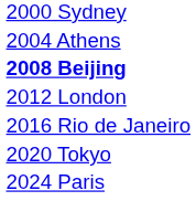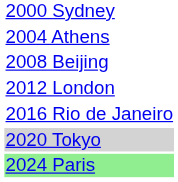 <table>
 <tr>
 <td><a href='#'>2000 Sydney</a><br></td>
 <td></td>
 <td></td>
 <td></td>
 </tr>
 <tr>
 <td><a href='#'>2004 Athens</a><br></td>
 <td></td>
 <td></td>
 <td></td>
 </tr>
 <tr>
-<td><strong><a href='#'>2008 Beijing</a><br></strong></td>
+<td><a href='#'>2008 Beijing</a><br></td>
 <td></td>
 <td></td>
 <td></td>
 </tr>
 <tr>
 <td><a href='#'>2012 London</a><br></td>
 <td></td>
 <td></td>
 <td></td>
 </tr>
 <tr>
 <td><a href='#'>2016 Rio de Janeiro</a><br></td>
 <td></td>
 <td></td>
 <td></td>
 </tr>
 <tr>
-<td><a href='#'>2020 Tokyo</a><br></td>
+<td style="background: lightgrey;"><a href='#'>2020 Tokyo</a><br></td>
 <td></td>
 <td></td>
 <td></td>
 </tr>
 <tr>
-<td><a href='#'>2024 Paris</a><br></td>
+<td style="background: lightgreen;"><a href='#'>2024 Paris</a><br></td>
 <td></td>
 <td></td>
 <td></td>
 </tr>
 <tr>
 </tr>
 </table>
